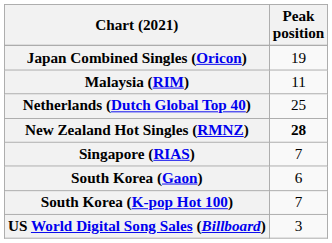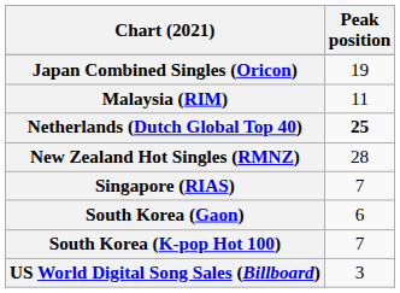 <table class="wikitable sortable plainrowheaders" style="text-align:center">
 <tr>
 <th scope="col">Chart (2021)</th>
 <th scope="col">Peak<br>position</th>
 </tr>
 <tr>
 </tr>
 <tr>
 </tr>
 <tr>
 <th scope="row">Japan Combined Singles (<a href='#'>Oricon</a>)</th>
 <td>19</td>
 </tr>
 <tr>
 <th scope="row">Malaysia (<a href='#'>RIM</a>)</th>
 <td>11</td>
 </tr>
 <tr>
 <th scope="row">Netherlands (<a href='#'>Dutch Global Top 40</a>)</th>
-<td>25</td>
+<td><strong>25</strong></td>
 </tr>
 <tr>
 <th scope="row">New Zealand Hot Singles (<a href='#'>RMNZ</a>)</th>
-<td><strong>28</strong></td>
+<td>28</td>
 </tr>
 <tr>
 <th scope="row">Singapore (<a href='#'>RIAS</a>)</th>
 <td>7</td>
 </tr>
 <tr>
 <th scope="row">South Korea (<a href='#'>Gaon</a>)</th>
 <td>6</td>
 </tr>
 <tr>
 <th scope="row">South Korea (<a href='#'>K-pop Hot 100</a>)</th>
 <td>7</td>
 </tr>
 <tr>
 <th scope="row">US <a href='#'>World Digital Song Sales</a> (<em><a href='#'>Billboard</a></em>)</th>
 <td>3</td>
 </tr>
 </table>
